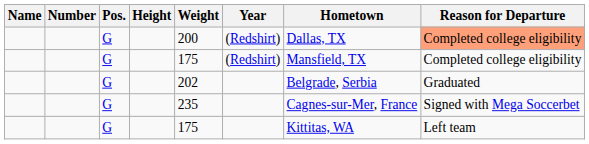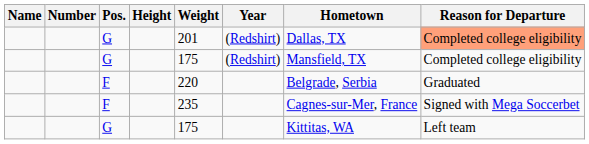 <table class="wikitable sortable" style="font-size:90%;" border="1">
 <tr>
 <th>Name</th>
 <th>Number</th>
 <th>Pos.</th>
 <th>Height</th>
 <th>Weight</th>
 <th>Year</th>
 <th>Hometown</th>
 <th ! class="unsortable">Reason for Departure</th>
 </tr>
 <tr>
 <td></td>
 <td></td>
 <td><a href='#'>G</a></td>
 <td></td>
-<td>200</td>
+<td>201</td>
 <td> (<a href='#'>Redshirt</a>)</td>
 <td><a href='#'>Dallas, TX</a></td>
 <td style="background: lightsalmon;">Completed college eligibility</td>
 </tr>
 <tr>
 <td></td>
 <td></td>
 <td><a href='#'>G</a></td>
 <td></td>
 <td>175</td>
 <td> (<a href='#'>Redshirt</a>)</td>
 <td><a href='#'>Mansfield, TX</a></td>
 <td>Completed college eligibility</td>
 </tr>
 <tr>
 <td></td>
 <td></td>
-<td><a href='#'>G</a></td>
+<td><a href='#'>F</a></td>
 <td></td>
-<td>202</td>
+<td>220</td>
 <td></td>
 <td><a href='#'>Belgrade</a>, <a href='#'>Serbia</a></td>
 <td>Graduated</td>
 </tr>
 <tr>
 <td></td>
 <td></td>
-<td><a href='#'>G</a></td>
+<td><a href='#'>F</a></td>
 <td></td>
 <td>235</td>
 <td></td>
 <td><a href='#'>Cagnes-sur-Mer</a>, <a href='#'>France</a></td>
 <td>Signed with <a href='#'>Mega Soccerbet</a></td>
 </tr>
 <tr>
 <td></td>
 <td></td>
 <td><a href='#'>G</a></td>
 <td></td>
 <td>175</td>
 <td></td>
 <td><a href='#'>Kittitas, WA</a></td>
 <td>Left team</td>
 </tr>
 </table>
